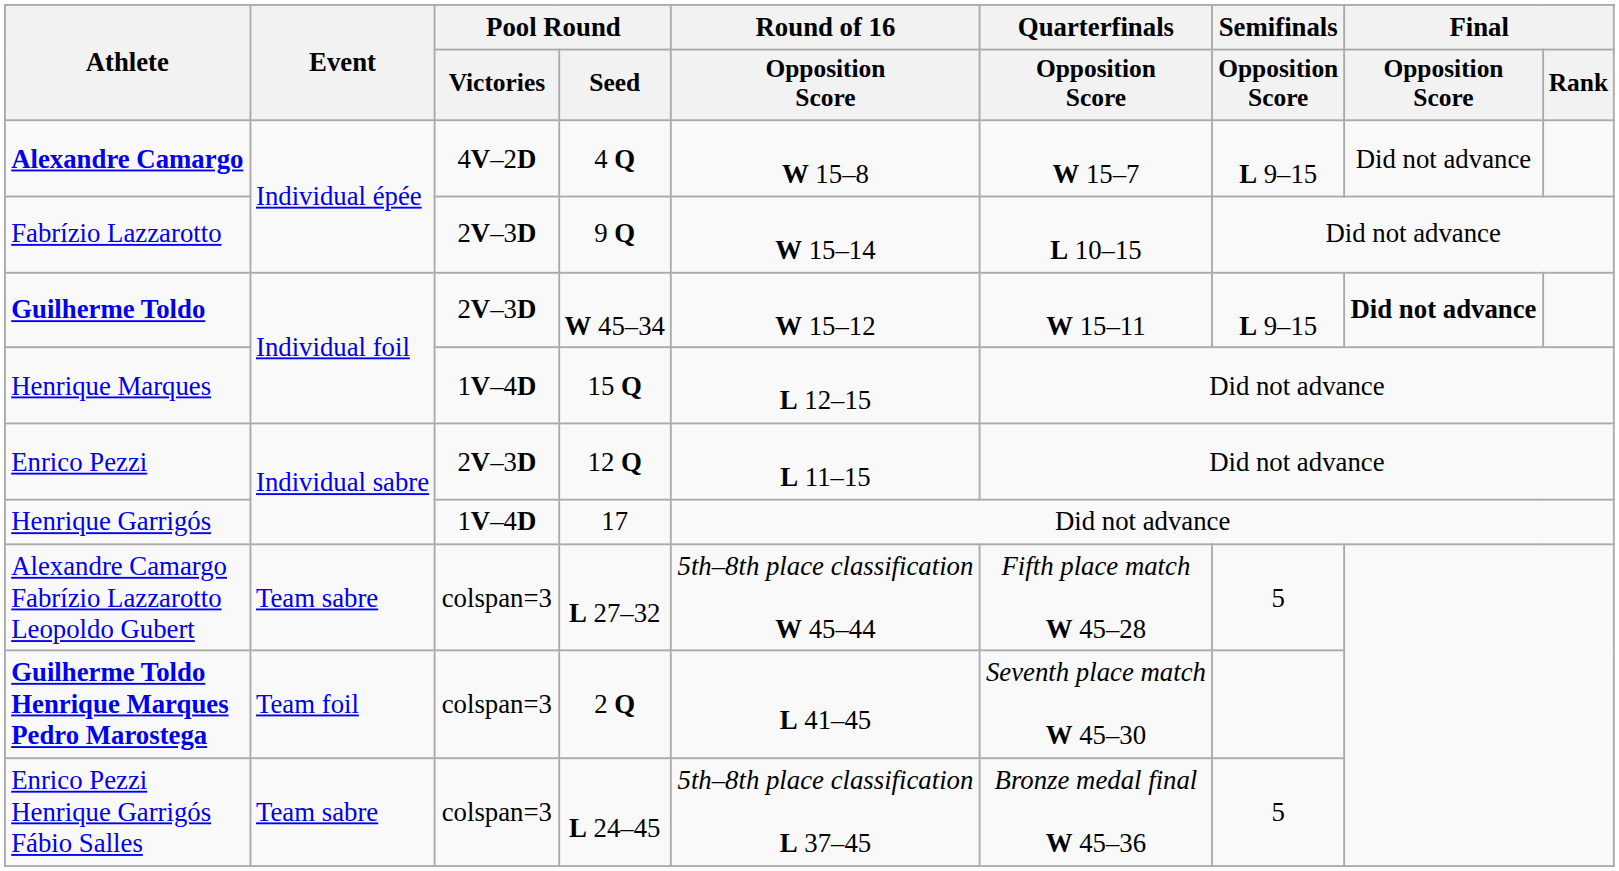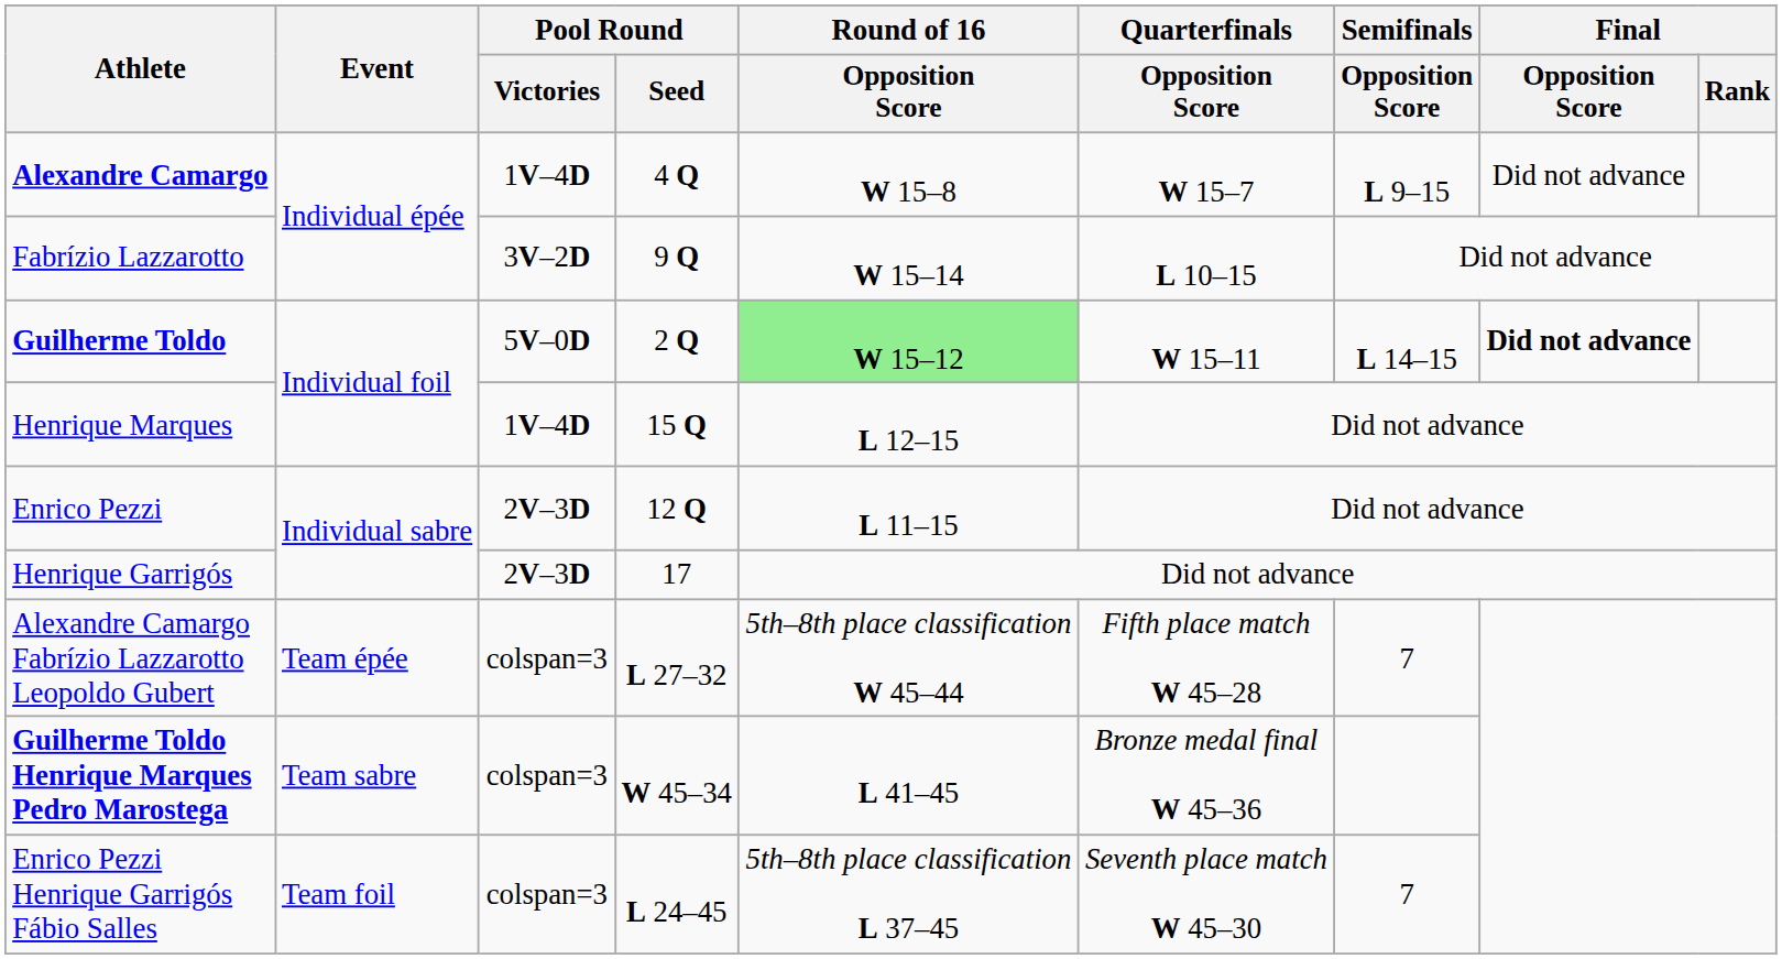 <table class=wikitable style="font-size:90%">
 <tr>
 <th rowspan="2">Athlete</th>
 <th rowspan="2">Event</th>
 <th colspan=2>Pool Round</th>
 <th>Round of 16</th>
 <th>Quarterfinals</th>
 <th>Semifinals</th>
 <th colspan=2>Final</th>
 </tr>
 <tr style="font-size:95%">
 <th>Victories</th>
 <th>Seed</th>
 <th>Opposition<br>Score</th>
 <th>Opposition<br>Score</th>
 <th>Opposition<br>Score</th>
 <th>Opposition<br>Score</th>
 <th>Rank</th>
 </tr>
 <tr align=center>
 <td align=left><strong><a href='#'>Alexandre Camargo</a></strong></td>
 <td align=left rowspan=2><a href='#'>Individual épée</a></td>
-<td>4<strong>V</strong>–2<strong>D</strong></td>
+<td>1<strong>V</strong>–4<strong>D</strong></td>
 <td>4 <strong>Q</strong></td>
 <td><br><strong>W</strong> 15–8</td>
 <td><br><strong>W</strong> 15–7</td>
 <td><br><strong>L</strong> 9–15</td>
 <td>Did not advance</td>
 <td></td>
 </tr>
 <tr align=center>
 <td align=left><a href='#'>Fabrízio Lazzarotto</a></td>
-<td>2<strong>V</strong>–3<strong>D</strong></td>
+<td>3<strong>V</strong>–2<strong>D</strong></td>
 <td>9 <strong>Q</strong></td>
 <td><br><strong>W</strong> 15–14</td>
 <td><br><strong>L</strong> 10–15</td>
 <td colspan=3>Did not advance</td>
 </tr>
 <tr align=center>
 <td align=left><strong><a href='#'>Guilherme Toldo</a></strong></td>
 <td align=left rowspan=2><a href='#'>Individual foil</a></td>
-<td>2<strong>V</strong>–3<strong>D</strong></td>
-<td><br><strong>W</strong> 45–34</td>
-<td><br><strong>W</strong> 15–12</td>
+<td>5<strong>V</strong>–0<strong>D</strong></td>
+<td>2 <strong>Q</strong></td>
+<td style="background: lightgreen;"><br><strong>W</strong> 15–12</td>
 <td><br><strong>W</strong> 15–11</td>
-<td><br><strong>L</strong> 9–15</td>
+<td><br><strong>L</strong> 14–15</td>
 <td><strong>Did not advance</strong></td>
 <td></td>
 </tr>
 <tr align=center>
 <td align=left><a href='#'>Henrique Marques</a></td>
 <td>1<strong>V</strong>–4<strong>D</strong></td>
 <td>15 <strong>Q</strong></td>
 <td><br><strong>L</strong> 12–15</td>
 <td colspan=4>Did not advance</td>
 </tr>
 <tr align=center>
 <td align=left><a href='#'>Enrico Pezzi</a></td>
 <td align=left rowspan=2><a href='#'>Individual sabre</a></td>
 <td>2<strong>V</strong>–3<strong>D</strong></td>
 <td>12 <strong>Q</strong></td>
 <td><br><strong>L</strong> 11–15</td>
 <td colspan=4>Did not advance</td>
 </tr>
 <tr align=center>
 <td align=left><a href='#'>Henrique Garrigós</a></td>
-<td>1<strong>V</strong>–4<strong>D</strong></td>
+<td>2<strong>V</strong>–3<strong>D</strong></td>
 <td>17</td>
 <td colspan=5>Did not advance</td>
 </tr>
 <tr align=center>
 <td align=left><a href='#'>Alexandre Camargo</a><br><a href='#'>Fabrízio Lazzarotto</a><br><a href='#'>Leopoldo Gubert</a></td>
-<td align=left><a href='#'>Team sabre</a></td>
+<td align=left><a href='#'>Team épée</a></td>
 <td>colspan=3 </td>
 <td><br><strong>L</strong> 27–32</td>
 <td><em>5th–8th place classification</em><br><br><strong>W</strong> 45–44</td>
 <td><em>Fifth place match</em><br><br><strong>W</strong> 45–28</td>
-<td>5</td>
+<td>7</td>
 </tr>
 <tr align=center>
 <td align=left><strong><a href='#'>Guilherme Toldo</a><br><a href='#'>Henrique Marques</a><br><a href='#'>Pedro Marostega</a></strong></td>
-<td align=left><a href='#'>Team foil</a></td>
+<td align=left><a href='#'>Team sabre</a></td>
 <td>colspan=3 </td>
-<td>2 <strong>Q</strong></td>
+<td><br><strong>W</strong> 45–34</td>
 <td><br><strong>L</strong> 41–45</td>
-<td><em>Seventh place match</em><br><br><strong>W</strong> 45–30</td>
+<td><em>Bronze medal final</em><br><br><strong>W</strong> 45–36</td>
 <td></td>
 </tr>
 <tr align=center>
 <td align=left><a href='#'>Enrico Pezzi</a><br><a href='#'>Henrique Garrigós</a><br><a href='#'>Fábio Salles</a></td>
-<td align=left><a href='#'>Team sabre</a></td>
+<td align=left><a href='#'>Team foil</a></td>
 <td>colspan=3 </td>
 <td><br><strong>L</strong> 24–45</td>
 <td><em>5th–8th place classification</em><br><br><strong>L</strong> 37–45</td>
-<td><em>Bronze medal final</em><br><br><strong>W</strong> 45–36</td>
-<td>5</td>
+<td><em>Seventh place match</em><br><br><strong>W</strong> 45–30</td>
+<td>7</td>
 </tr>
 </table>
